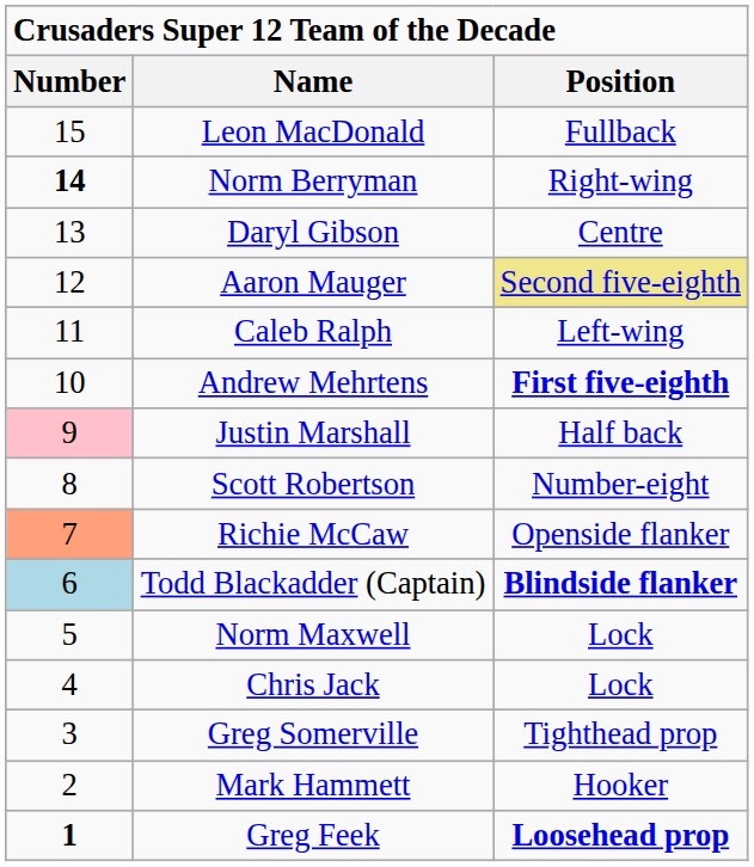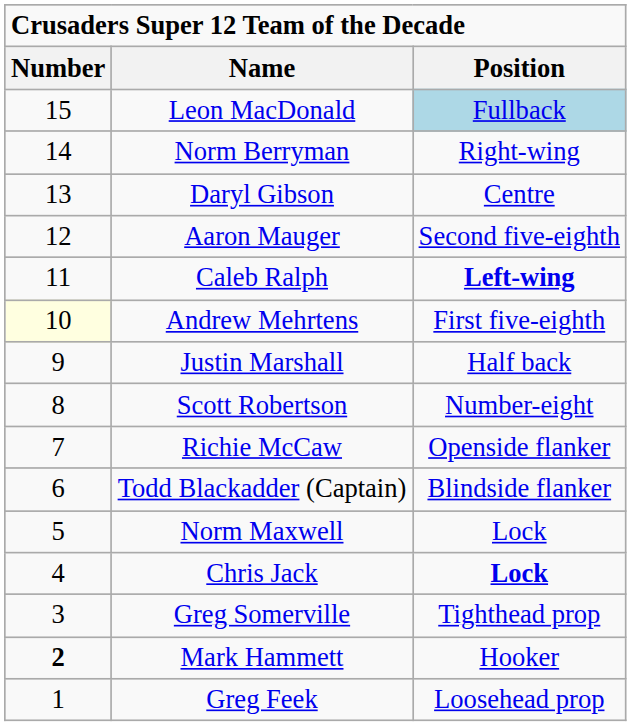 <table class="wikitable">
 <tr>
 <td align="centre" colspan="8"><strong>Crusaders Super 12 Team of the Decade</strong></td>
 </tr>
 <tr>
 <th>Number</th>
 <th>Name</th>
 <th>Position</th>
 </tr>
 <tr>
 <td align=center>15</td>
 <td align=center><a href='#'>Leon MacDonald</a></td>
-<td align=center><a href='#'>Fullback</a></td>
+<td align=center style="background: lightblue;"><a href='#'>Fullback</a></td>
 </tr>
 <tr>
-<td align=center><strong>14</strong></td>
+<td align=center>14</td>
 <td align=center><a href='#'>Norm Berryman</a></td>
 <td align=center><a href='#'>Right-wing</a></td>
 </tr>
 <tr>
 <td align=center>13</td>
 <td align=center><a href='#'>Daryl Gibson</a></td>
 <td align=center><a href='#'>Centre</a></td>
 </tr>
 <tr>
 <td align=center>12</td>
 <td align=center><a href='#'>Aaron Mauger</a></td>
-<td align=center style="background: khaki;"><a href='#'>Second five-eighth</a></td>
+<td align=center><a href='#'>Second five-eighth</a></td>
 </tr>
 <tr>
 <td align=center>11</td>
 <td align=center><a href='#'>Caleb Ralph</a></td>
-<td align=center><a href='#'>Left-wing</a></td>
+<td align=center><strong><a href='#'>Left-wing</a></strong></td>
 </tr>
 <tr>
-<td align=center>10</td>
+<td align=center style="background: lightyellow;">10</td>
 <td align=center><a href='#'>Andrew Mehrtens</a></td>
-<td align=center><strong><a href='#'>First five-eighth</a></strong></td>
+<td align=center><a href='#'>First five-eighth</a></td>
 </tr>
 <tr>
-<td align=center style="background: pink;">9</td>
+<td align=center>9</td>
 <td align=center><a href='#'>Justin Marshall</a></td>
 <td align=center><a href='#'>Half back</a></td>
 </tr>
 <tr>
 <td align=center>8</td>
 <td align=center><a href='#'>Scott Robertson</a></td>
 <td align=center><a href='#'>Number-eight</a></td>
 </tr>
 <tr>
-<td align=center style="background: lightsalmon;">7</td>
+<td align=center>7</td>
 <td align=center><a href='#'>Richie McCaw</a></td>
 <td align=center><a href='#'>Openside flanker</a></td>
 </tr>
 <tr>
-<td align=center style="background: lightblue;">6</td>
+<td align=center>6</td>
 <td align=center><a href='#'>Todd Blackadder</a> (Captain)</td>
-<td align=center><strong><a href='#'>Blindside flanker</a></strong></td>
+<td align=center><a href='#'>Blindside flanker</a></td>
 </tr>
 <tr>
 <td align=center>5</td>
 <td align=center><a href='#'>Norm Maxwell</a></td>
 <td align=center><a href='#'>Lock</a></td>
 </tr>
 <tr>
 <td align=center>4</td>
 <td align=center><a href='#'>Chris Jack</a></td>
-<td align=center><a href='#'>Lock</a></td>
+<td align=center><strong><a href='#'>Lock</a></strong></td>
 </tr>
 <tr>
 <td align=center>3</td>
 <td align=center><a href='#'>Greg Somerville</a></td>
 <td align=center><a href='#'>Tighthead prop</a></td>
 </tr>
 <tr>
-<td align=center>2</td>
+<td align=center><strong>2</strong></td>
 <td align=center><a href='#'>Mark Hammett</a></td>
 <td align=center><a href='#'>Hooker</a></td>
 </tr>
 <tr>
-<td align=center><strong>1</strong></td>
+<td align=center>1</td>
 <td align=center><a href='#'>Greg Feek</a></td>
-<td align=center><strong><a href='#'>Loosehead prop</a></strong></td>
+<td align=center><a href='#'>Loosehead prop</a></td>
 </tr>
 </table>
